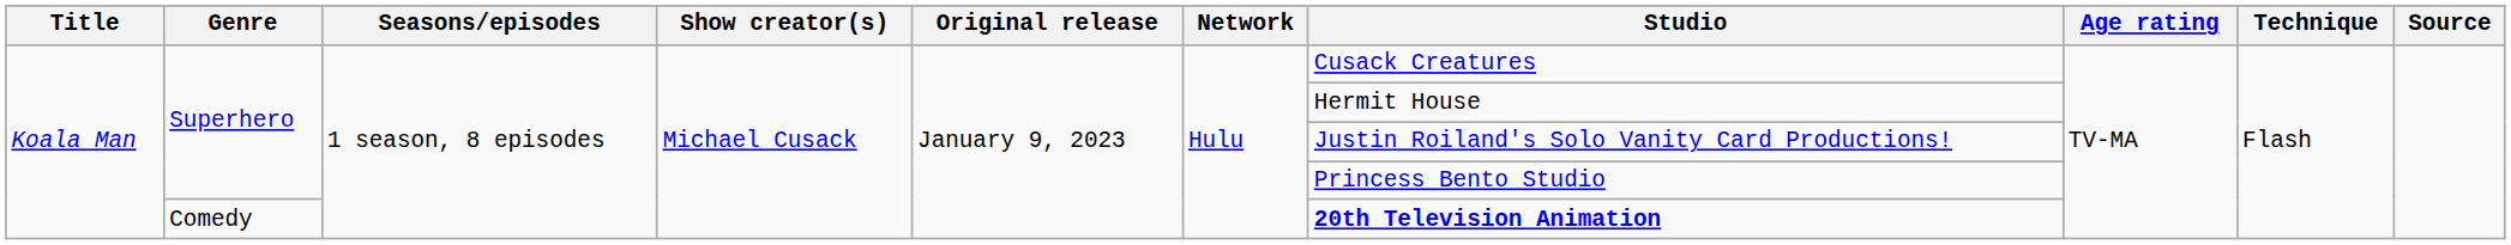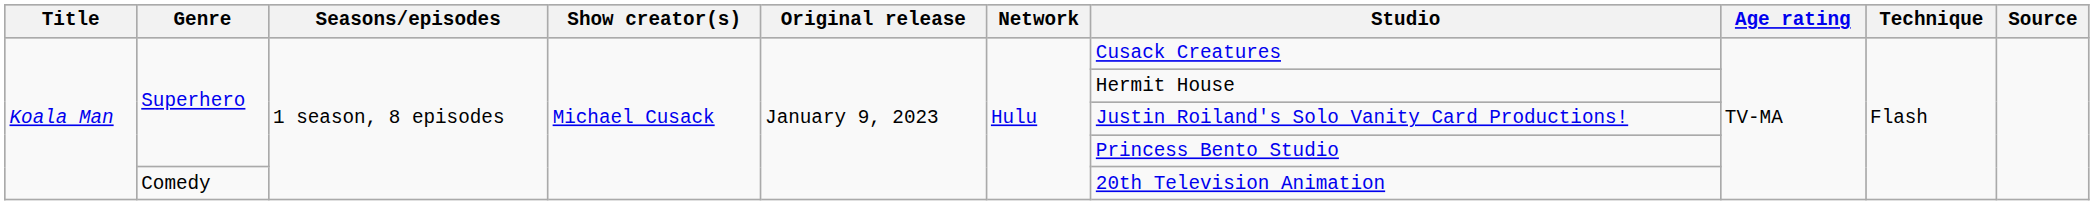 <table class="wikitable sortable" style="text-align: left; font-size:90%; width:100%;">
 <tr>
 <th scope="col">Title</th>
 <th scope="col">Genre</th>
 <th scope="col">Seasons/episodes</th>
 <th scope="col">Show creator(s)</th>
 <th scope="col">Original release</th>
 <th scope="col">Network</th>
 <th scope="col">Studio</th>
 <th scope="col"><a href='#'>Age rating</a></th>
 <th scope="col">Technique</th>
 <th>Source</th>
 </tr>
 <tr>
 <td rowspan="5"><em><a href='#'>Koala Man</a></em></td>
 <td rowspan="4"><a href='#'>Superhero</a></td>
 <td rowspan="5">1 season, 8 episodes</td>
 <td rowspan="5"><a href='#'>Michael Cusack</a></td>
 <td rowspan="5">January 9, 2023</td>
 <td rowspan="5"><a href='#'>Hulu</a></td>
 <td><a href='#'>Cusack Creatures</a></td>
 <td rowspan="5">TV-MA</td>
 <td rowspan="5">Flash</td>
 <td rowspan="5"></td>
 </tr>
 <tr>
 <td>Hermit House</td>
 </tr>
 <tr>
 <td><a href='#'>Justin Roiland's Solo Vanity Card Productions!</a></td>
 </tr>
 <tr>
 <td><a href='#'>Princess Bento Studio</a></td>
 </tr>
 <tr>
 <td>Comedy</td>
-<td><strong><a href='#'>20th Television Animation</a></strong></td>
+<td><a href='#'>20th Television Animation</a></td>
 </tr>
 </table>
